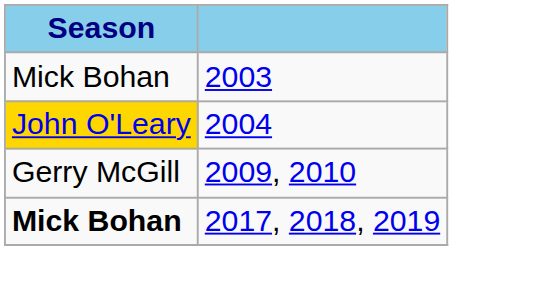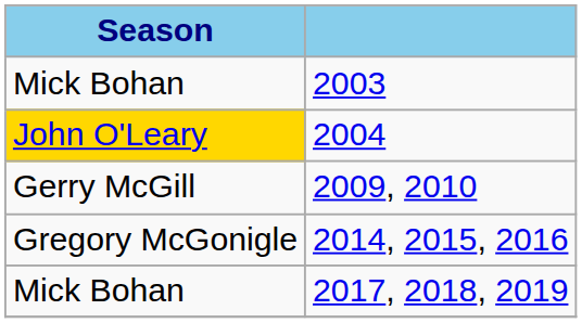 <table class="wikitable collapsible">
 <tr>
 <th style="background:skyblue; color:navy;;">Season</th>
 <th style="background:skyblue; color:navy;"></th>
 </tr>
 <tr>
 <td>Mick Bohan</td>
 <td><a href='#'>2003</a></td>
 </tr>
 <tr>
 <td style="background: gold;"><a href='#'>John O'Leary</a></td>
 <td><a href='#'>2004</a></td>
 </tr>
 <tr>
 <td>Gerry McGill</td>
 <td><a href='#'>2009</a>, <a href='#'>2010</a></td>
 </tr>
 <tr>
-<td><strong>Mick Bohan </strong></td>
+<td>Gregory McGonigle</td>
+<td><a href='#'>2014</a>, <a href='#'>2015</a>, <a href='#'>2016</a></td>
+</tr>
+<tr>
+<td>Mick Bohan </td>
 <td><a href='#'>2017</a>, <a href='#'>2018</a>, <a href='#'>2019</a></td>
 </tr>
 <tr>
 </tr>
 </table>
